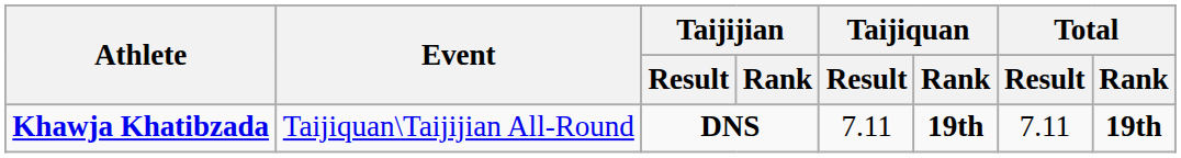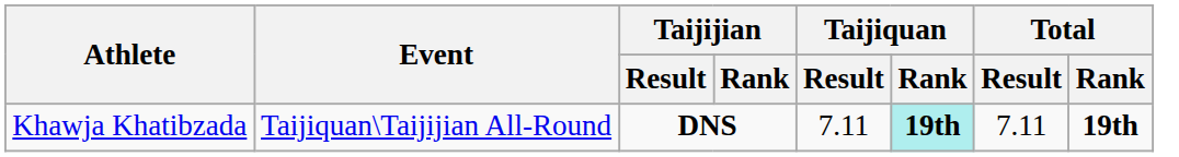 <table class=wikitable style="font-size:90%">
 <tr>
 <th rowspan="2">Athlete</th>
 <th rowspan="2">Event</th>
 <th colspan="2">Taijijian</th>
 <th colspan="2">Taijiquan</th>
 <th colspan="2">Total</th>
 </tr>
 <tr>
 <th>Result</th>
 <th>Rank</th>
 <th>Result</th>
 <th>Rank</th>
 <th>Result</th>
 <th>Rank</th>
 </tr>
 <tr>
-<td><strong><a href='#'>Khawja Khatibzada</a></strong></td>
+<td><a href='#'>Khawja Khatibzada</a></td>
 <td><a href='#'>Taijiquan\Taijijian All-Round</a></td>
 <td align=center colspan=2><strong>DNS</strong></td>
 <td align=center>7.11</td>
-<td align=center><strong>19th</strong></td>
+<td align=center style="background: paleturquoise;"><strong>19th</strong></td>
 <td align=center>7.11</td>
 <td align=center><strong>19th</strong></td>
 </tr>
 </table>
